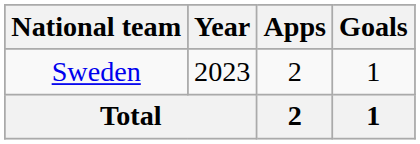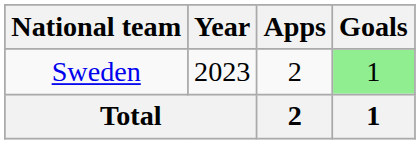 <table class="wikitable" style="text-align:center">
 <tr>
 <th>National team</th>
 <th>Year</th>
 <th>Apps</th>
 <th>Goals</th>
 </tr>
 <tr>
 <td><a href='#'>Sweden</a></td>
 <td>2023</td>
 <td>2</td>
-<td>1</td>
+<td style="background: lightgreen;">1</td>
 </tr>
 <tr>
 <th colspan="2">Total</th>
 <th>2</th>
 <th>1</th>
 </tr>
 </table>
